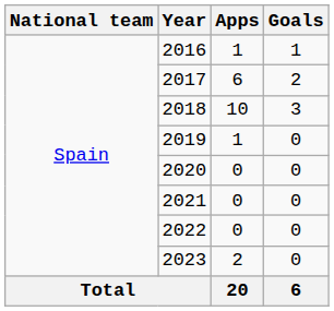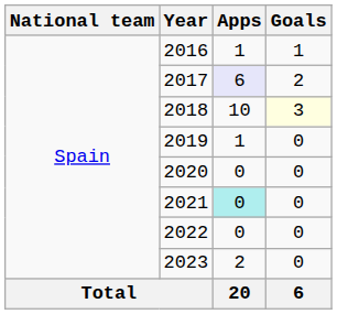 <table class="wikitable" style="text-align:center">
 <tr>
 <th>National team</th>
 <th>Year</th>
 <th>Apps</th>
 <th>Goals</th>
 </tr>
 <tr>
 <td rowspan="8"><a href='#'>Spain</a></td>
 <td>2016</td>
 <td>1</td>
 <td>1</td>
 </tr>
 <tr>
 <td>2017</td>
-<td>6</td>
+<td style="background: lavender;">6</td>
 <td>2</td>
 </tr>
 <tr>
 <td>2018</td>
 <td>10</td>
-<td>3</td>
+<td style="background: lightyellow;">3</td>
 </tr>
 <tr>
 <td>2019</td>
 <td>1</td>
 <td>0</td>
 </tr>
 <tr>
 <td>2020</td>
 <td>0</td>
 <td>0</td>
 </tr>
 <tr>
 <td>2021</td>
-<td>0</td>
+<td style="background: paleturquoise;">0</td>
 <td>0</td>
 </tr>
 <tr>
 <td>2022</td>
 <td>0</td>
 <td>0</td>
 </tr>
 <tr>
 <td>2023</td>
 <td>2</td>
 <td>0</td>
 </tr>
 <tr>
 <th colspan="2">Total</th>
 <th>20</th>
 <th>6</th>
 </tr>
 </table>
